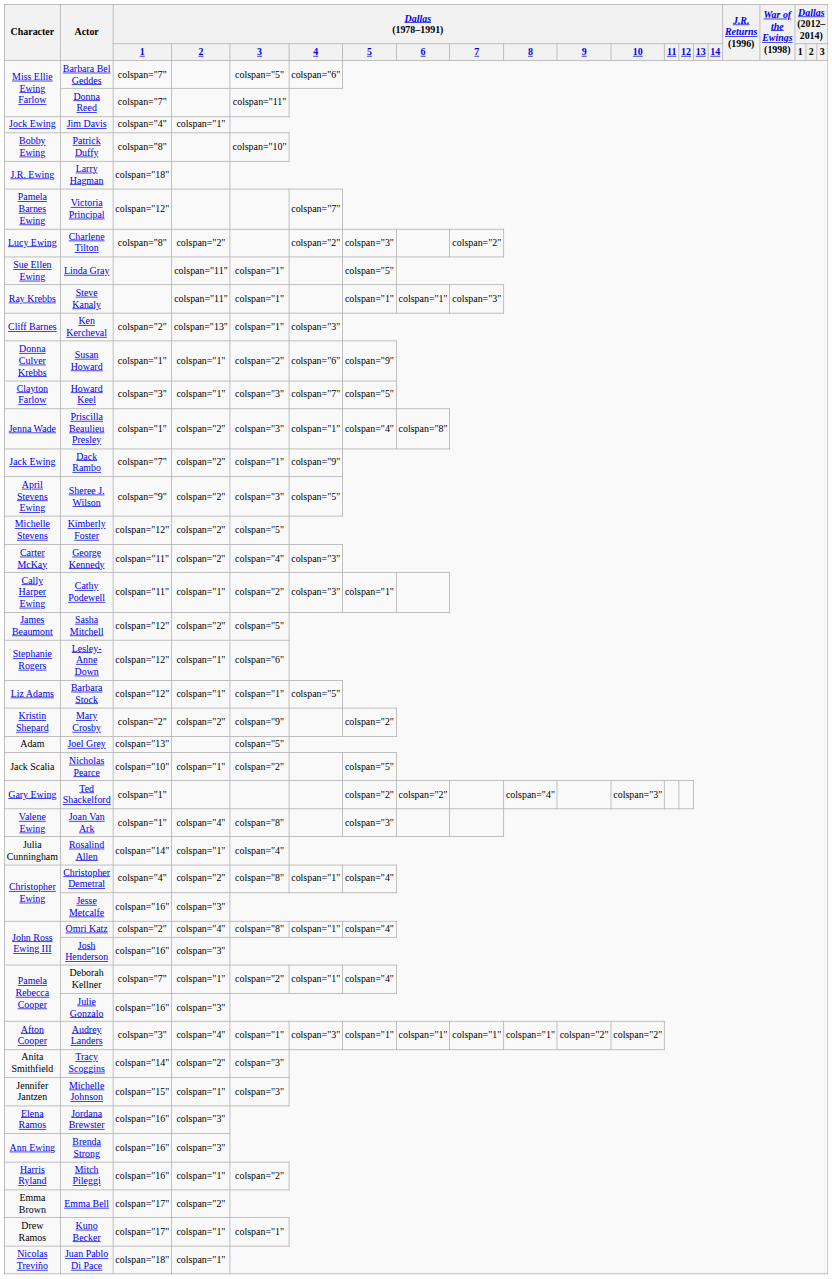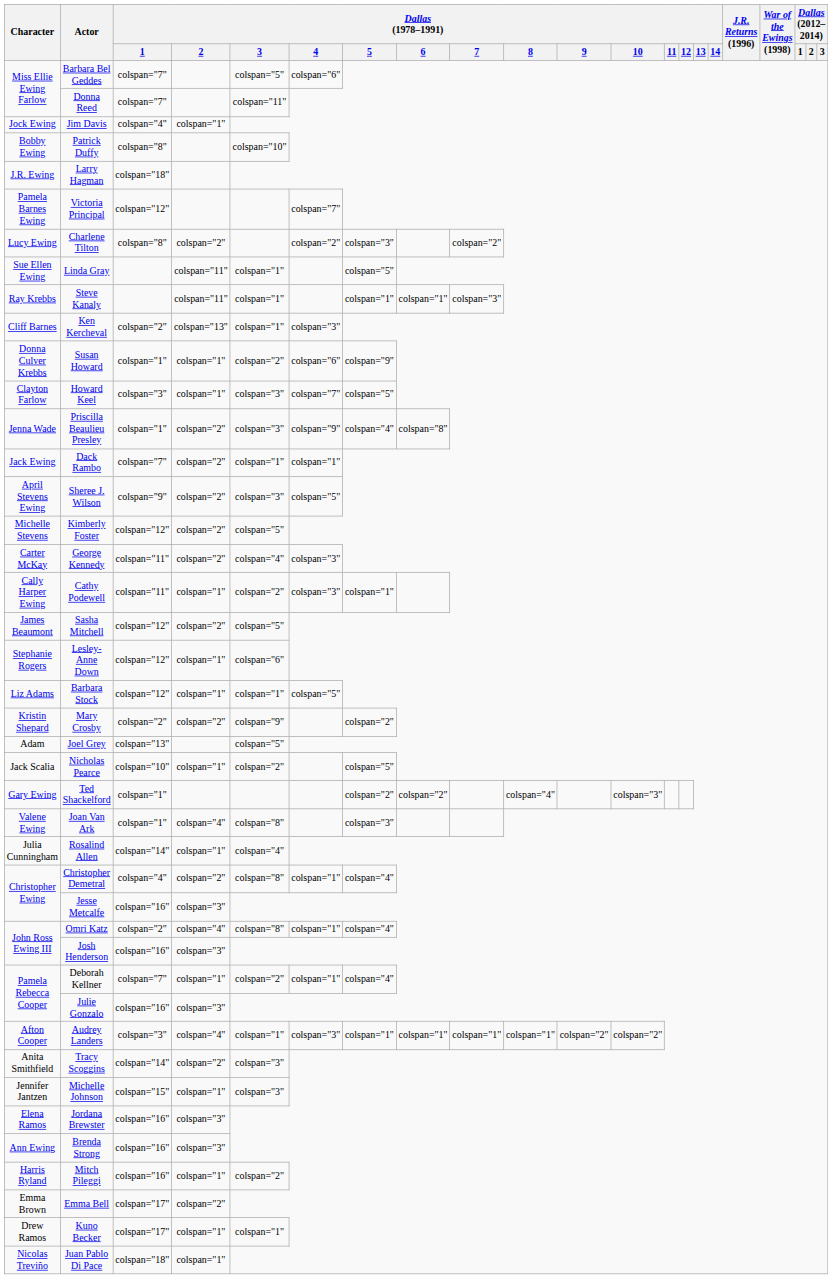 <table class="wikitable sortable" style="text-align:center;font-size:85%">
 <tr>
 <th style="width:5%;" rowspan="2">Character</th>
 <th style="width:5%;" rowspan="2">Actor</th>
 <th colspan="14"><em><a href='#'>Dallas</a></em><br>(1978–1991)</th>
 <th style="width:1%;" rowspan="2"><em><a href='#'>J.R. Returns</a></em> <br>(1996)</th>
 <th style="width:1%;" rowspan="2"><em><a href='#'>War of <br>the Ewings</a></em> <br>(1998)</th>
 <th colspan="3"><em><a href='#'>Dallas</a></em><br>(2012–2014)</th>
 </tr>
 <tr>
 <th style="width:2%;"><a href='#'>1</a></th>
 <th style="width:2%;"><a href='#'>2</a></th>
 <th style="width:2%;"><a href='#'>3</a></th>
 <th style="width:2%;"><a href='#'>4</a></th>
 <th style="width:2%;"><a href='#'>5</a></th>
 <th style="width:2%;"><a href='#'>6</a></th>
 <th style="width:2%;"><a href='#'>7</a></th>
 <th style="width:2%;"><a href='#'>8</a></th>
 <th style="width:2%;"><a href='#'>9</a></th>
 <th style="width:2%;"><a href='#'>10</a></th>
 <th style="width:2%;"><a href='#'>11</a></th>
 <th style="width:2%;"><a href='#'>12</a></th>
 <th style="width:2%;"><a href='#'>13</a></th>
 <th style="width:2%;"><a href='#'>14</a></th>
 <th style="width:1%;">1</th>
 <th style="width:1%;">2</th>
 <th style="width:1%;">3</th>
 </tr>
 <tr>
 <td rowspan="2"><a href='#'>Miss Ellie Ewing Farlow</a></td>
 <td><a href='#'>Barbara Bel Geddes</a></td>
 <td>colspan="7" </td>
 <td></td>
 <td>colspan="5" </td>
 <td>colspan="6" </td>
 </tr>
 <tr>
 <td><a href='#'>Donna Reed</a></td>
 <td>colspan="7"  </td>
 <td></td>
 <td>colspan="11" </td>
 </tr>
 <tr>
 <td><a href='#'>Jock Ewing</a></td>
 <td><a href='#'>Jim Davis</a></td>
 <td>colspan="4" </td>
 <td>colspan="1" </td>
 </tr>
 <tr>
 <td><a href='#'>Bobby Ewing</a></td>
 <td><a href='#'>Patrick Duffy</a></td>
 <td>colspan="8" </td>
 <td></td>
 <td>colspan="10" </td>
 </tr>
 <tr>
 <td><a href='#'>J.R. Ewing</a></td>
 <td><a href='#'>Larry Hagman</a></td>
 <td>colspan="18" </td>
 <td></td>
 </tr>
 <tr>
 <td><a href='#'>Pamela Barnes Ewing</a></td>
 <td><a href='#'>Victoria Principal</a></td>
 <td>colspan="12" </td>
 <td></td>
 <td></td>
 <td>colspan="7" </td>
 </tr>
 <tr>
 <td><a href='#'>Lucy Ewing</a></td>
 <td><a href='#'>Charlene Tilton</a></td>
 <td>colspan="8" </td>
 <td>colspan="2" </td>
 <td></td>
 <td>colspan="2" </td>
 <td>colspan="3" </td>
 <td></td>
 <td>colspan="2" </td>
 </tr>
 <tr>
 <td><a href='#'>Sue Ellen Ewing</a></td>
 <td><a href='#'>Linda Gray</a></td>
 <td></td>
 <td>colspan="11" </td>
 <td>colspan="1" </td>
 <td></td>
 <td>colspan="5" </td>
 </tr>
 <tr>
 <td><a href='#'>Ray Krebbs</a></td>
 <td><a href='#'>Steve Kanaly</a></td>
 <td></td>
 <td>colspan="11" </td>
 <td>colspan="1" </td>
 <td></td>
 <td>colspan="1" </td>
 <td>colspan="1" </td>
 <td>colspan="3" </td>
 </tr>
 <tr>
 <td><a href='#'>Cliff Barnes</a></td>
 <td><a href='#'>Ken Kercheval</a></td>
 <td>colspan="2" </td>
 <td>colspan="13" </td>
 <td>colspan="1" </td>
 <td>colspan="3" </td>
 </tr>
 <tr>
 <td><a href='#'>Donna Culver Krebbs</a></td>
 <td><a href='#'>Susan Howard</a></td>
 <td>colspan="1" </td>
 <td>colspan="1" </td>
 <td>colspan="2" </td>
 <td>colspan="6" </td>
 <td>colspan="9" </td>
 </tr>
 <tr>
 <td><a href='#'>Clayton Farlow</a></td>
 <td><a href='#'>Howard Keel</a></td>
 <td>colspan="3" </td>
 <td>colspan="1" </td>
 <td>colspan="3" </td>
 <td>colspan="7" </td>
 <td>colspan="5" </td>
 </tr>
 <tr>
 <td><a href='#'>Jenna Wade</a></td>
 <td><a href='#'>Priscilla Beaulieu Presley</a></td>
 <td>colspan="1" </td>
 <td>colspan="2" </td>
 <td>colspan="3" </td>
-<td>colspan="1" </td>
+<td>colspan="9" </td>
 <td>colspan="4" </td>
 <td>colspan="8" </td>
 </tr>
 <tr>
 <td><a href='#'>Jack Ewing</a></td>
 <td><a href='#'>Dack Rambo</a></td>
 <td>colspan="7" </td>
 <td>colspan="2" </td>
 <td>colspan="1" </td>
-<td>colspan="9" </td>
+<td>colspan="1" </td>
 </tr>
 <tr>
 <td><a href='#'>April Stevens Ewing</a></td>
 <td><a href='#'>Sheree J. Wilson</a></td>
 <td>colspan="9" </td>
 <td>colspan="2" </td>
 <td>colspan="3" </td>
 <td>colspan="5" </td>
 </tr>
 <tr>
 <td><a href='#'>Michelle Stevens</a></td>
 <td><a href='#'>Kimberly Foster</a></td>
 <td>colspan="12" </td>
 <td>colspan="2" </td>
 <td>colspan="5" </td>
 </tr>
 <tr>
 <td><a href='#'>Carter McKay</a></td>
 <td><a href='#'>George Kennedy</a></td>
 <td>colspan="11" </td>
 <td>colspan="2" </td>
 <td>colspan="4" </td>
 <td>colspan="3" </td>
 </tr>
 <tr>
 <td><a href='#'>Cally Harper Ewing</a></td>
 <td><a href='#'>Cathy Podewell</a></td>
 <td>colspan="11" </td>
 <td>colspan="1" </td>
 <td>colspan="2" </td>
 <td>colspan="3" </td>
 <td>colspan="1" </td>
 <td></td>
 </tr>
 <tr>
 <td><a href='#'>James Beaumont</a></td>
 <td><a href='#'>Sasha Mitchell</a></td>
 <td>colspan="12" </td>
 <td>colspan="2" </td>
 <td>colspan="5" </td>
 </tr>
 <tr>
 <td><a href='#'>Stephanie Rogers</a></td>
 <td><a href='#'>Lesley-Anne Down</a></td>
 <td>colspan="12" </td>
 <td>colspan="1" </td>
 <td>colspan="6" </td>
 </tr>
 <tr>
 <td><a href='#'>Liz Adams</a></td>
 <td><a href='#'>Barbara Stock</a></td>
 <td>colspan="12" </td>
 <td>colspan="1" </td>
 <td>colspan="1" </td>
 <td>colspan="5" </td>
 </tr>
 <tr>
 <td><a href='#'>Kristin Shepard</a></td>
 <td><a href='#'>Mary Crosby</a></td>
 <td>colspan="2" </td>
 <td>colspan="2" </td>
 <td>colspan="9" </td>
 <td></td>
 <td>colspan="2" </td>
 </tr>
 <tr>
 <td>Adam</td>
 <td><a href='#'>Joel Grey</a></td>
 <td>colspan="13" </td>
 <td></td>
 <td>colspan="5" </td>
 </tr>
 <tr>
 <td>Jack Scalia</td>
 <td><a href='#'>Nicholas Pearce</a></td>
 <td>colspan="10" </td>
 <td>colspan="1" </td>
 <td>colspan="2" </td>
 <td></td>
 <td>colspan="5" </td>
 </tr>
 <tr>
 <td><a href='#'>Gary Ewing</a></td>
 <td><a href='#'>Ted Shackelford</a></td>
 <td>colspan="1" </td>
 <td></td>
 <td></td>
 <td></td>
 <td>colspan="2" </td>
 <td>colspan="2" </td>
 <td></td>
 <td>colspan="4" </td>
 <td></td>
 <td>colspan="3" </td>
 <td></td>
 <td></td>
 </tr>
 <tr>
 <td><a href='#'>Valene Ewing</a></td>
 <td><a href='#'>Joan Van Ark</a></td>
 <td>colspan="1" </td>
 <td>colspan="4" </td>
 <td>colspan="8" </td>
 <td></td>
 <td>colspan="3" </td>
 <td></td>
 <td></td>
 </tr>
 <tr>
 <td>Julia Cunningham</td>
 <td><a href='#'>Rosalind Allen</a></td>
 <td>colspan="14" </td>
 <td>colspan="1" </td>
 <td>colspan="4" </td>
 </tr>
 <tr>
 <td rowspan="2"><a href='#'>Christopher Ewing</a></td>
 <td><a href='#'>Christopher Demetral</a></td>
 <td>colspan="4" </td>
 <td>colspan="2" </td>
 <td>colspan="8" </td>
 <td>colspan="1" </td>
 <td>colspan="4" </td>
 </tr>
 <tr>
 <td><a href='#'>Jesse Metcalfe</a></td>
 <td>colspan="16" </td>
 <td>colspan="3" </td>
 </tr>
 <tr>
 <td rowspan="2"><a href='#'>John Ross Ewing III</a></td>
 <td><a href='#'>Omri Katz</a></td>
 <td>colspan="2" </td>
 <td>colspan="4" </td>
 <td>colspan="8" </td>
 <td>colspan="1" </td>
 <td>colspan="4" </td>
 </tr>
 <tr>
 <td><a href='#'>Josh Henderson</a></td>
 <td>colspan="16" </td>
 <td>colspan="3" </td>
 </tr>
 <tr>
 <td rowspan="2"><a href='#'>Pamela Rebecca Cooper</a></td>
 <td>Deborah Kellner</td>
 <td>colspan="7" </td>
 <td>colspan="1" </td>
 <td>colspan="2" </td>
 <td>colspan="1" </td>
 <td>colspan="4" </td>
 </tr>
 <tr>
 <td><a href='#'>Julie Gonzalo</a></td>
 <td>colspan="16" </td>
 <td>colspan="3" </td>
 </tr>
 <tr>
 <td><a href='#'>Afton Cooper</a></td>
 <td><a href='#'>Audrey Landers</a></td>
 <td>colspan="3" </td>
 <td>colspan="4" </td>
 <td>colspan="1" </td>
 <td>colspan="3" </td>
 <td>colspan="1" </td>
 <td>colspan="1" </td>
 <td>colspan="1" </td>
 <td>colspan="1" </td>
 <td>colspan="2" </td>
 <td>colspan="2" </td>
 </tr>
 <tr>
 <td>Anita Smithfield</td>
 <td><a href='#'>Tracy Scoggins</a></td>
 <td>colspan="14" </td>
 <td>colspan="2" </td>
 <td>colspan="3" </td>
 </tr>
 <tr>
 <td>Jennifer Jantzen</td>
 <td><a href='#'>Michelle Johnson</a></td>
 <td>colspan="15" </td>
 <td>colspan="1" </td>
 <td>colspan="3" </td>
 </tr>
 <tr>
 <td><a href='#'>Elena Ramos</a></td>
 <td><a href='#'>Jordana Brewster</a></td>
 <td>colspan="16" </td>
 <td>colspan="3" </td>
 </tr>
 <tr>
 <td><a href='#'>Ann Ewing</a></td>
 <td><a href='#'>Brenda Strong</a></td>
 <td>colspan="16" </td>
 <td>colspan="3" </td>
 </tr>
 <tr>
 <td><a href='#'>Harris Ryland</a></td>
 <td><a href='#'>Mitch Pileggi</a></td>
 <td>colspan="16" </td>
 <td>colspan="1" </td>
 <td>colspan="2" </td>
 </tr>
 <tr>
 <td>Emma Brown</td>
 <td><a href='#'>Emma Bell</a></td>
 <td>colspan="17" </td>
 <td>colspan="2" </td>
 </tr>
 <tr>
 <td>Drew Ramos</td>
 <td><a href='#'>Kuno Becker</a></td>
 <td>colspan="17" </td>
 <td>colspan="1" </td>
 <td>colspan="1" </td>
 </tr>
 <tr>
 <td><a href='#'>Nicolas Treviño</a></td>
 <td><a href='#'>Juan Pablo Di Pace</a></td>
 <td>colspan="18" </td>
 <td>colspan="1" </td>
 </tr>
 </table>
